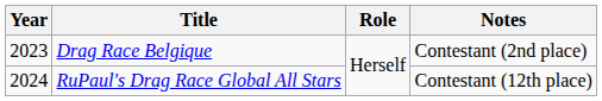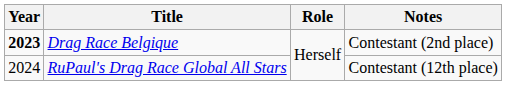 <table class="wikitable">
 <tr>
 <th>Year</th>
 <th>Title</th>
 <th>Role</th>
 <th>Notes</th>
 </tr>
 <tr>
-<td>2023</td>
+<td><strong>2023</strong></td>
 <td><em><a href='#'>Drag Race Belgique</a></em></td>
 <td rowspan="2">Herself</td>
 <td>Contestant (2nd place)</td>
 </tr>
 <tr>
 <td>2024</td>
 <td><em><a href='#'>RuPaul's Drag Race Global All Stars</a></em></td>
 <td>Contestant (12th place)</td>
 </tr>
 </table>
